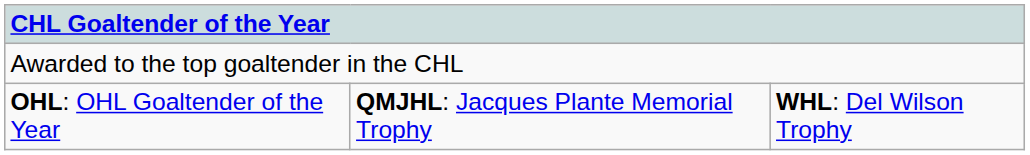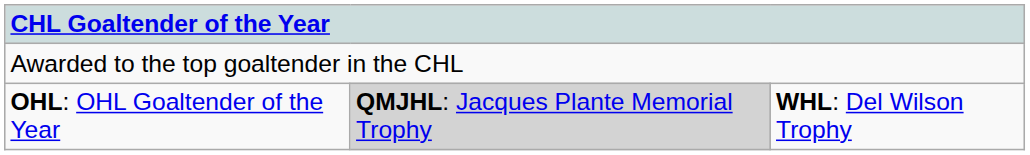 <table class="wikitable" width="75%">
 <tr style="font-weight:bold; background-color:#ccdddd;" |>
 <td colspan="3"><a href='#'>CHL Goaltender of the Year</a></td>
 </tr>
 <tr>
 <td colspan="3">Awarded to the top goaltender in the CHL</td>
 </tr>
 <tr>
 <td><strong>OHL</strong>: <a href='#'>OHL Goaltender of the Year</a></td>
-<td><strong>QMJHL</strong>: <a href='#'>Jacques Plante Memorial Trophy</a></td>
+<td style="background: lightgrey;"><strong>QMJHL</strong>: <a href='#'>Jacques Plante Memorial Trophy</a></td>
 <td><strong>WHL</strong>: <a href='#'>Del Wilson Trophy</a></td>
 </tr>
 </table>
